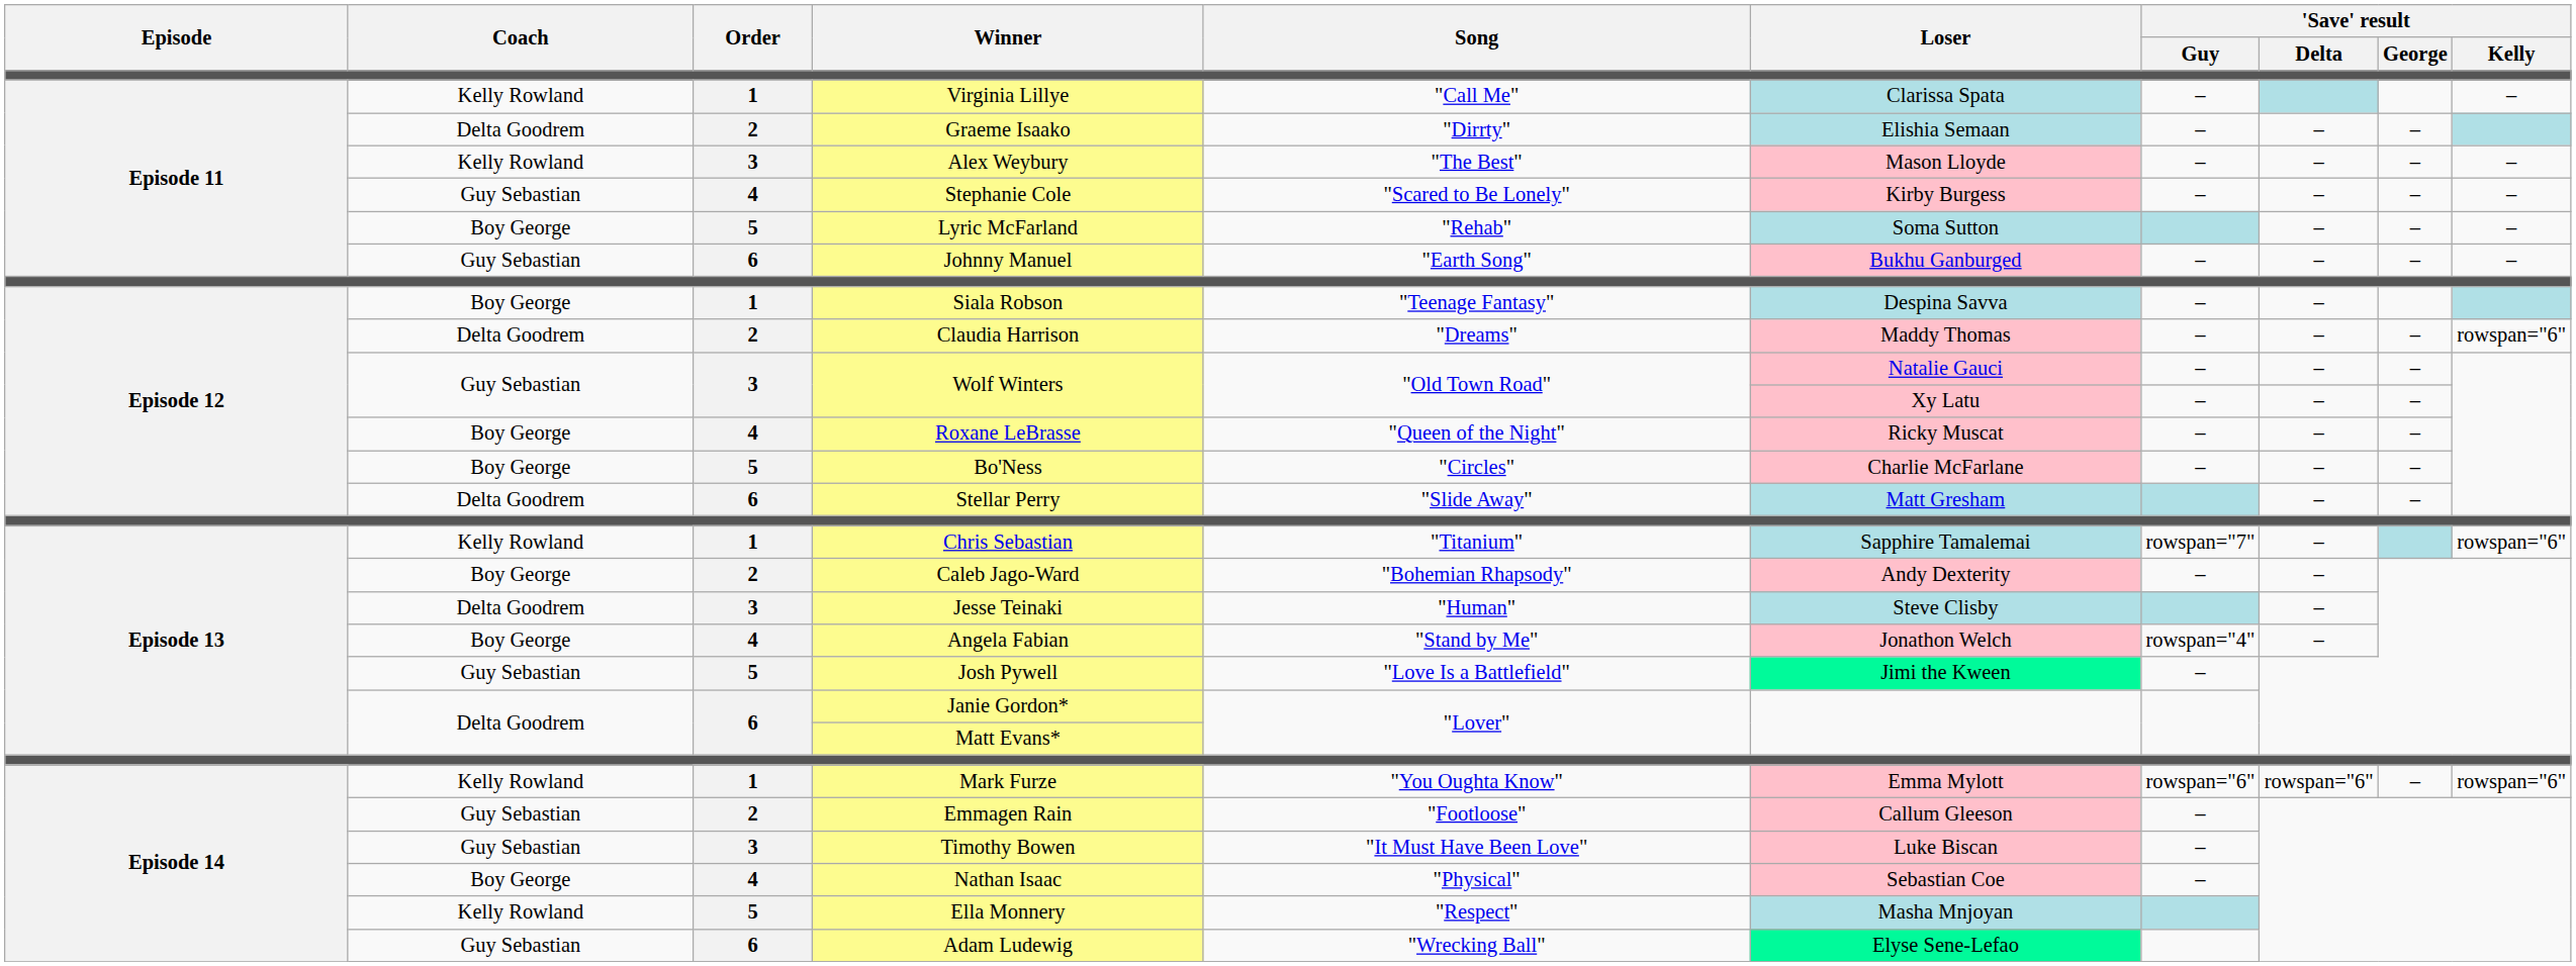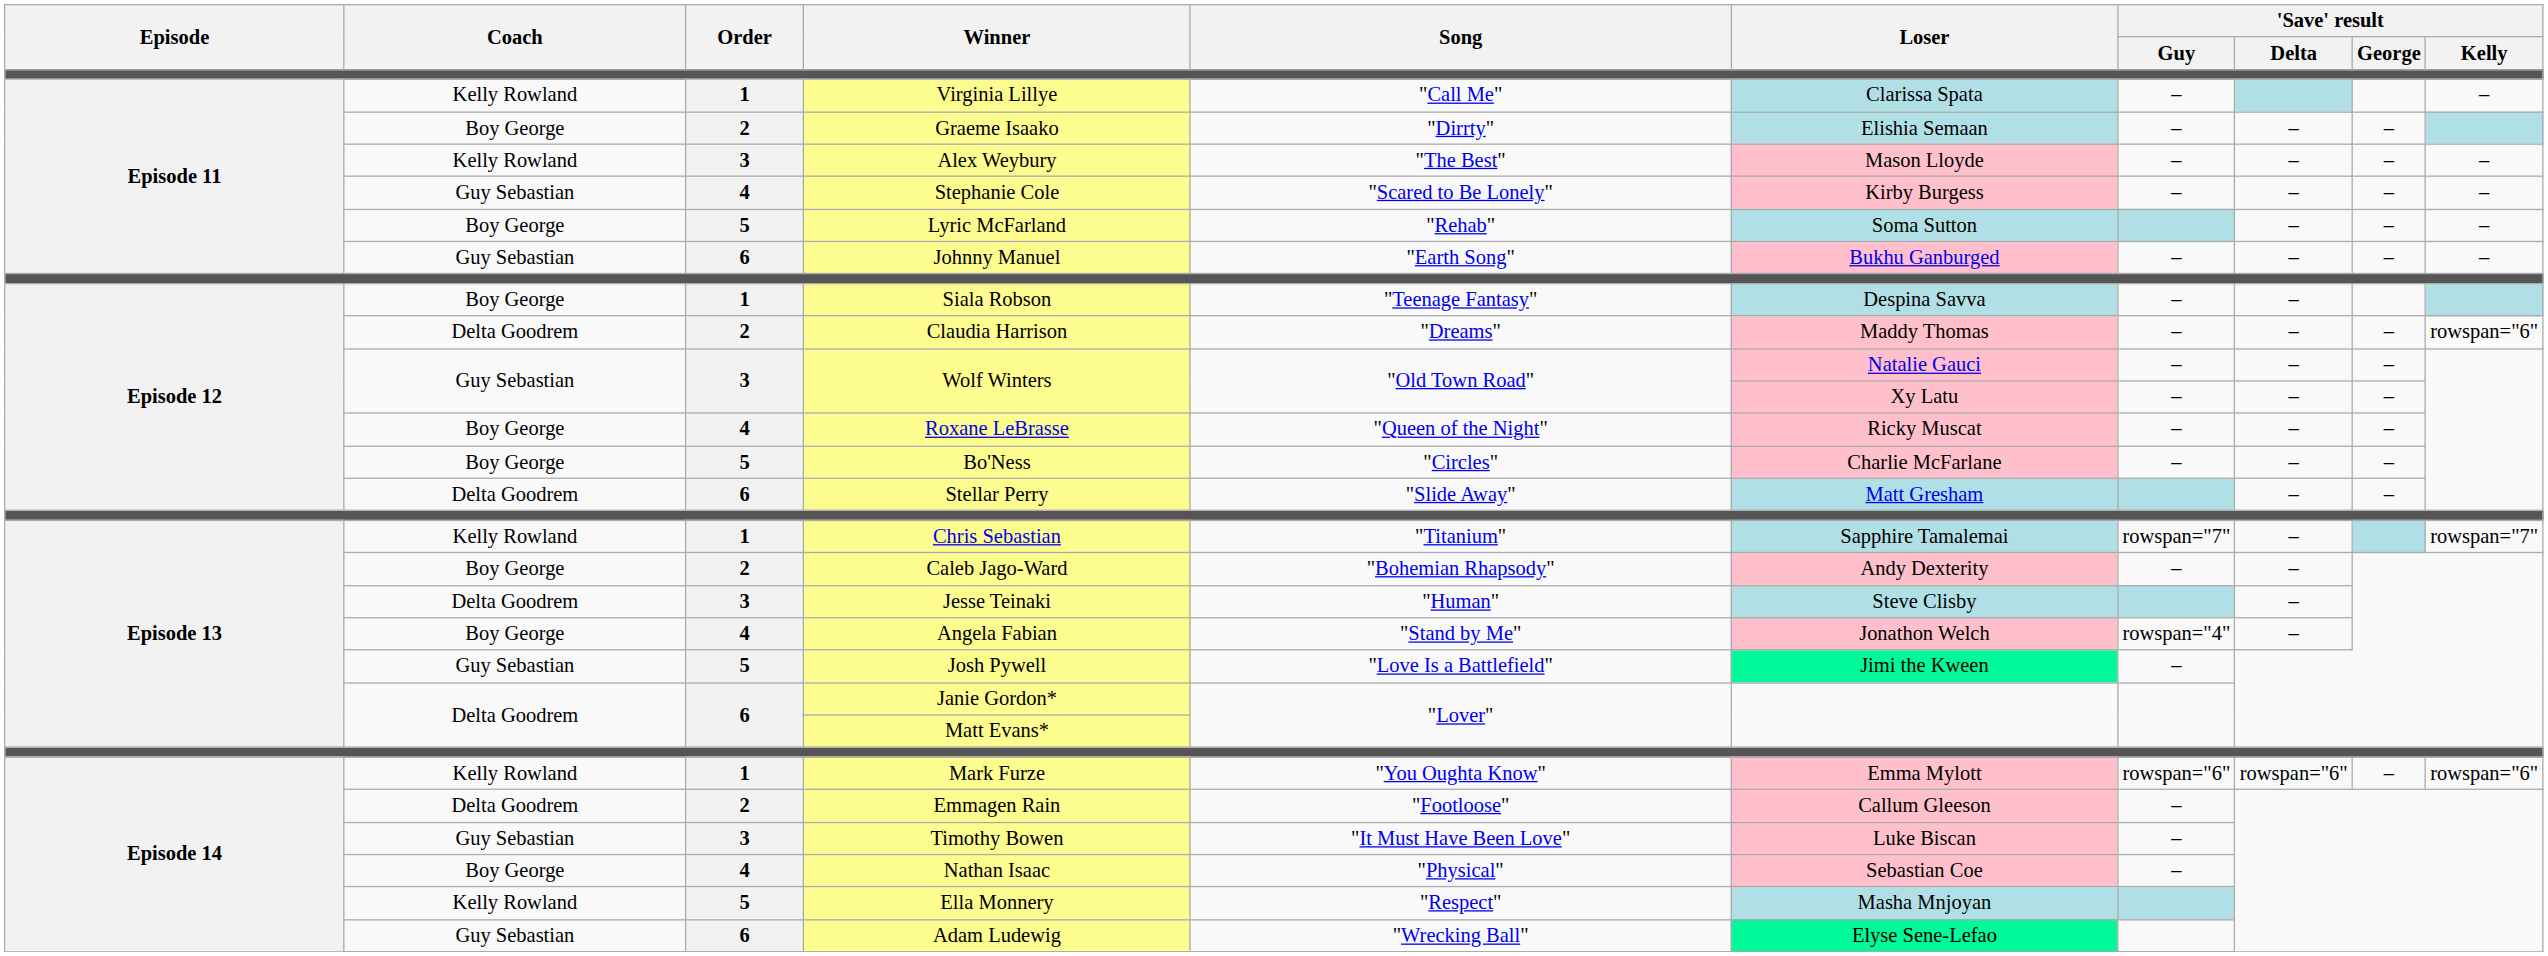 <table class="wikitable" style="text-align: center; width:100%;">
 <tr>
 <th rowspan="2" style="width:15%;">Episode</th>
 <th rowspan="2" style="width:15%;">Coach</th>
 <th rowspan="2" style="width:05%;">Order</th>
 <th rowspan="2" style="width:17%;">Winner</th>
 <th rowspan="2" style="width:24%;">Song</th>
 <th rowspan="2" style="width:17%;">Loser</th>
 <th colspan="4" style="width:16%;">'Save' result</th>
 </tr>
 <tr>
 <th style="width:04%;">Guy</th>
 <th style="width:04%;">Delta</th>
 <th style="width:04%;">George</th>
 <th style="width:04%;">Kelly</th>
 </tr>
 <tr>
 <td colspan="10" style="background:#555;"></td>
 </tr>
 <tr>
 <th rowspan="6">Episode 11<br></th>
 <td>Kelly Rowland</td>
 <th>1</th>
 <td style="background:#FDFC8F;">Virginia Lillye</td>
 <td>"<a href='#'>Call Me</a>"</td>
 <td style="background:#b0e0e6">Clarissa Spata</td>
 <td>–</td>
 <td bgcolor=#b0e0e6><strong></strong></td>
 <td><strong></strong></td>
 <td>–</td>
 </tr>
 <tr>
-<td>Delta Goodrem</td>
+<td>Boy George</td>
 <th>2</th>
 <td style="background:#FDFC8F;">Graeme Isaako</td>
 <td>"<a href='#'>Dirrty</a>"</td>
 <td style="background:#b0e0e6">Elishia Semaan</td>
 <td>–</td>
 <td>–</td>
 <td>–</td>
 <td bgcolor=#b0e0e6><strong></strong></td>
 </tr>
 <tr>
 <td>Kelly Rowland</td>
 <th>3</th>
 <td style="background:#FDFC8F;">Alex Weybury</td>
 <td>"<a href='#'>The Best</a>"</td>
 <td style="background:pink">Mason Lloyde</td>
 <td>–</td>
 <td>–</td>
 <td>–</td>
 <td>–</td>
 </tr>
 <tr>
 <td>Guy Sebastian</td>
 <th>4</th>
 <td style="background:#FDFC8F;">Stephanie Cole</td>
 <td>"<a href='#'>Scared to Be Lonely</a>"</td>
 <td style="background:pink">Kirby Burgess</td>
 <td>–</td>
 <td>–</td>
 <td>–</td>
 <td>–</td>
 </tr>
 <tr>
 <td>Boy George</td>
 <th>5</th>
 <td style="background:#FDFC8F;">Lyric McFarland</td>
 <td>"<a href='#'>Rehab</a>"</td>
 <td style="background:#b0e0e6">Soma Sutton</td>
 <td bgcolor=#b0e0e6><strong></strong></td>
 <td>–</td>
 <td>–</td>
 <td>–</td>
 </tr>
 <tr>
 <td>Guy Sebastian</td>
 <th>6</th>
 <td style="background:#FDFC8F;">Johnny Manuel</td>
 <td>"<a href='#'>Earth Song</a>"</td>
 <td style="background:pink"><a href='#'>Bukhu Ganburged</a></td>
 <td>–</td>
 <td>–</td>
 <td>–</td>
 <td>–</td>
 </tr>
 <tr>
 <td colspan="10" style="background:#555;"></td>
 </tr>
 <tr>
 <th rowspan="7">Episode 12<br></th>
 <td>Boy George</td>
 <th>1</th>
 <td style="background:#FDFC8F;">Siala Robson</td>
 <td>"<a href='#'>Teenage Fantasy</a>"</td>
 <td style="background:#b0e0e6">Despina Savva</td>
 <td>–</td>
 <td>–</td>
 <td><strong></strong></td>
 <td bgcolor=#b0e0e6><strong></strong></td>
 </tr>
 <tr>
 <td>Delta Goodrem</td>
 <th>2</th>
 <td style="background:#FDFC8F;">Claudia Harrison</td>
 <td>"<a href='#'>Dreams</a>"</td>
 <td style="background:pink">Maddy Thomas</td>
 <td>–</td>
 <td>–</td>
 <td>–</td>
 <td>rowspan="6" </td>
 </tr>
 <tr>
 <td rowspan="2">Guy Sebastian</td>
 <th rowspan="2">3</th>
 <td rowspan="2" bgcolor="#fdfc8f">Wolf Winters</td>
 <td rowspan="2">"<a href='#'>Old Town Road</a>"</td>
 <td bgcolor="pink"><a href='#'>Natalie Gauci</a></td>
 <td>–</td>
 <td>–</td>
 <td>–</td>
 </tr>
 <tr>
 <td bgcolor="pink">Xy Latu</td>
 <td>–</td>
 <td>–</td>
 <td>–</td>
 </tr>
 <tr>
 <td>Boy George</td>
 <th>4</th>
 <td style="background:#FDFC8F;"><a href='#'>Roxane LeBrasse</a></td>
 <td>"<a href='#'>Queen of the Night</a>"</td>
 <td style="background:pink">Ricky Muscat</td>
 <td>–</td>
 <td>–</td>
 <td>–</td>
 </tr>
 <tr>
 <td>Boy George</td>
 <th>5</th>
 <td style="background:#FDFC8F;">Bo'Ness</td>
 <td>"<a href='#'>Circles</a>"</td>
 <td style="background:pink">Charlie McFarlane</td>
 <td>–</td>
 <td>–</td>
 <td>–</td>
 </tr>
 <tr>
 <td>Delta Goodrem</td>
 <th>6</th>
 <td style="background:#FDFC8F;">Stellar Perry</td>
 <td>"<a href='#'>Slide Away</a>"</td>
 <td style="background:#b0e0e6"><a href='#'>Matt Gresham</a></td>
 <td bgcolor=#b0e0e6><strong></strong></td>
 <td>–</td>
 <td>–</td>
 </tr>
 <tr>
 <td colspan="10" style="background:#555;"></td>
 </tr>
 <tr>
 <th rowspan="7">Episode 13<br></th>
 <td>Kelly Rowland</td>
 <th>1</th>
 <td style="background:#FDFC8F;"><a href='#'>Chris Sebastian</a></td>
 <td>"<a href='#'>Titanium</a>"</td>
 <td style="background:#b0e0e6">Sapphire Tamalemai</td>
 <td>rowspan="7" </td>
 <td>–</td>
 <td bgcolor=#b0e0e6><strong></strong></td>
-<td>rowspan="6" </td>
+<td>rowspan="7" </td>
 </tr>
 <tr>
 <td>Boy George</td>
 <th>2</th>
 <td style="background:#FDFC8F;">Caleb Jago-Ward</td>
 <td>"<a href='#'>Bohemian Rhapsody</a>"</td>
 <td style="background:pink">Andy Dexterity</td>
 <td>–</td>
 <td>–</td>
 </tr>
 <tr>
 <td>Delta Goodrem</td>
 <th>3</th>
 <td style="background:#FDFC8F;">Jesse Teinaki</td>
 <td>"<a href='#'>Human</a>"</td>
 <td style="background:#b0e0e6">Steve Clisby</td>
 <td bgcolor=#b0e0e6><strong></strong></td>
 <td>–</td>
 </tr>
 <tr>
 <td>Boy George</td>
 <th>4</th>
 <td style="background:#FDFC8F;">Angela Fabian</td>
 <td>"<a href='#'>Stand by Me</a>"</td>
 <td style="background:pink">Jonathon Welch</td>
 <td>rowspan="4" </td>
 <td>–</td>
 </tr>
 <tr>
 <td>Guy Sebastian</td>
 <th>5</th>
 <td style="background:#FDFC8F;">Josh Pywell</td>
 <td>"<a href='#'>Love Is a Battlefield</a>"</td>
 <td style="background:#00fa9a;">Jimi the Kween</td>
 <td>–</td>
 </tr>
 <tr>
 <td rowspan="2">Delta Goodrem</td>
 <th rowspan="2">6</th>
 <td style="background:#FDFC8F;">Janie Gordon*</td>
 <td rowspan="2">"<a href='#'>Lover</a>"</td>
 <td rowspan="2"></td>
 <td rowspan="2"></td>
 </tr>
 <tr>
 <td style="background:#FDFC8F;">Matt Evans*</td>
 </tr>
 <tr>
 <td colspan="11" style="background:#555;"></td>
 </tr>
 <tr>
 <th rowspan="7">Episode 14<br></th>
 <td>Kelly Rowland</td>
 <th>1</th>
 <td style="background:#FDFC8F;">Mark Furze</td>
 <td>"<a href='#'>You Oughta Know</a>"</td>
 <td style="background:pink">Emma Mylott</td>
 <td>rowspan="6" </td>
 <td>rowspan="6" </td>
 <td>–</td>
 <td>rowspan="6" </td>
 </tr>
 <tr>
-<td>Guy Sebastian</td>
+<td>Delta Goodrem</td>
 <th>2</th>
 <td style="background:#FDFC8F;">Emmagen Rain</td>
 <td>"<a href='#'>Footloose</a>"</td>
 <td style="background:pink">Callum Gleeson</td>
 <td>–</td>
 </tr>
 <tr>
 <td>Guy Sebastian</td>
 <th>3</th>
 <td style="background:#FDFC8F;">Timothy Bowen</td>
 <td>"<a href='#'>It Must Have Been Love</a>"</td>
 <td style="background:pink">Luke Biscan</td>
 <td>–</td>
 </tr>
 <tr>
 <td>Boy George</td>
 <th>4</th>
 <td style="background:#FDFC8F;">Nathan Isaac</td>
 <td>"<a href='#'>Physical</a>"</td>
 <td style="background:pink">Sebastian Coe</td>
 <td>–</td>
 </tr>
 <tr>
 <td>Kelly Rowland</td>
 <th>5</th>
 <td style="background:#FDFC8F;">Ella Monnery</td>
 <td>"<a href='#'>Respect</a>"</td>
 <td style="background:#b0e0e6">Masha Mnjoyan</td>
 <td bgcolor=#b0e0e6><strong></strong></td>
 </tr>
 <tr>
 <td>Guy Sebastian</td>
 <th>6</th>
 <td style="background:#FDFC8F;">Adam Ludewig</td>
 <td>"<a href='#'>Wrecking Ball</a>"</td>
 <td style="background:#00fa9a;">Elyse Sene-Lefao</td>
 <td></td>
 </tr>
 <tr>
 </tr>
 </table>
